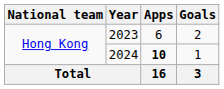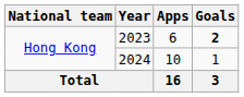 <table class="wikitable" style="text-align:center">
 <tr>
 <th>National team</th>
 <th>Year</th>
 <th>Apps</th>
 <th>Goals</th>
 </tr>
 <tr>
 <td rowspan="2"><a href='#'>Hong Kong</a></td>
 <td>2023</td>
 <td>6</td>
-<td>2</td>
+<td><strong>2</strong></td>
 </tr>
 <tr>
 <td>2024</td>
-<td><strong>10</strong></td>
+<td>10</td>
 <td>1</td>
 </tr>
 <tr>
 <th colspan="2">Total</th>
 <th>16</th>
 <th>3</th>
 </tr>
 </table>
